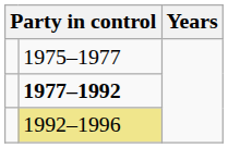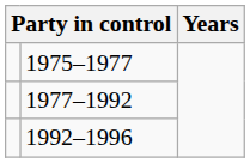 <table class="wikitable">
 <tr>
 <th colspan="2">Party in control</th>
 <th>Years</th>
 </tr>
 <tr>
 <td></td>
 <td>1975–1977</td>
 </tr>
 <tr>
 <td></td>
-<td><strong>1977–1992</strong></td>
+<td>1977–1992</td>
 </tr>
 <tr>
 <td></td>
-<td style="background: khaki;">1992–1996</td>
+<td>1992–1996</td>
 </tr>
 </table>
